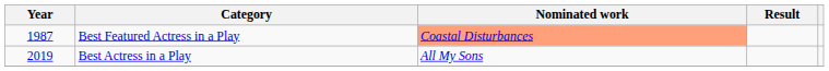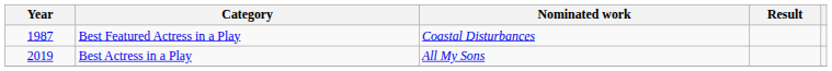 <table class=wikitable>
 <tr>
 <th scope="col" style="width:5em;">Year</th>
 <th scope="col" style="width:26em;">Category</th>
 <th scope="col" style="width:25em;">Nominated work</th>
 <th scope="col" style="width:5em;">Result</th>
 <th></th>
 </tr>
 <tr>
 <td style="text-align:center;"><a href='#'>1987</a></td>
 <td><a href='#'>Best Featured Actress in a Play</a></td>
-<td style="background: lightsalmon;"><em><a href='#'>Coastal Disturbances</a></em></td>
+<td><em><a href='#'>Coastal Disturbances</a></em></td>
 <td></td>
 <td style="text-align:center;"></td>
 </tr>
 <tr>
 <td style="text-align:center;"><a href='#'>2019</a></td>
 <td><a href='#'>Best Actress in a Play</a></td>
 <td><em><a href='#'>All My Sons</a></em></td>
 <td></td>
 <td style="text-align:center;"></td>
 </tr>
 <tr>
 </tr>
 </table>
